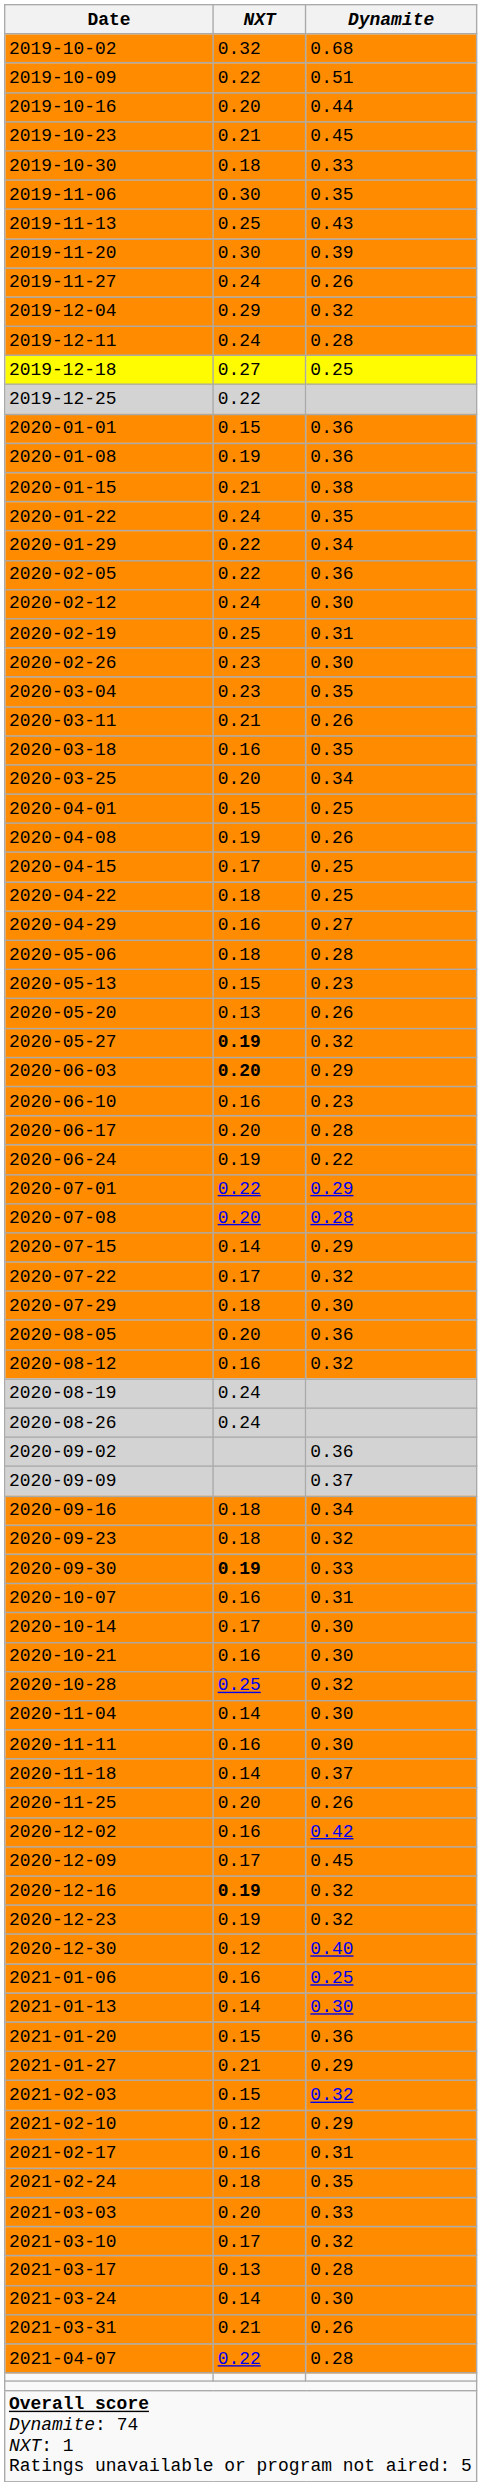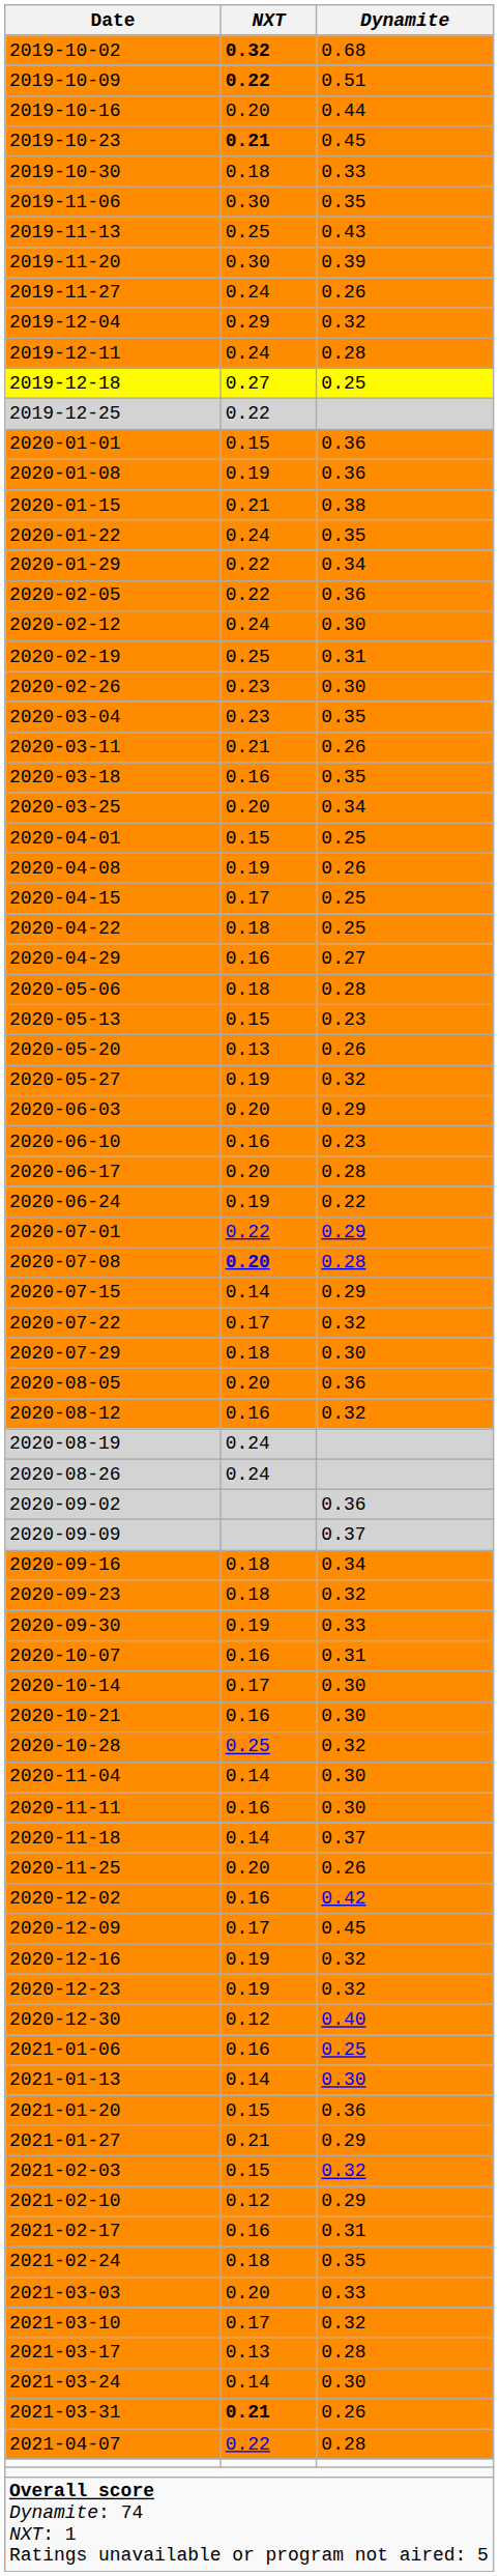 <table class="wikitable sortable mw-collapsible mw-collapsed" style="font-size: 100%;">
 <tr>
 <th>Date</th>
 <th><em>NXT</em></th>
 <th><em>Dynamite</em></th>
 </tr>
 <tr style="background:#FF8C00">
 <td>2019-10-02</td>
-<td>0.32</td>
+<td><strong>0.32</strong></td>
 <td>0.68</td>
 </tr>
 <tr style="background:#FF8C00">
 <td>2019-10-09</td>
-<td>0.22</td>
+<td><strong>0.22</strong></td>
 <td>0.51</td>
 </tr>
 <tr style="background:#FF8C00">
 <td>2019-10-16</td>
 <td>0.20</td>
 <td>0.44</td>
 </tr>
 <tr style="background:#FF8C00">
 <td>2019-10-23</td>
-<td>0.21</td>
+<td><strong>0.21</strong></td>
 <td>0.45</td>
 </tr>
 <tr style="background:#FF8C00">
 <td>2019-10-30</td>
 <td>0.18</td>
 <td>0.33</td>
 </tr>
 <tr style="background:#FF8C00">
 <td>2019-11-06</td>
 <td>0.30</td>
 <td>0.35</td>
 </tr>
 <tr style="background:#FF8C00">
 <td>2019-11-13</td>
 <td>0.25</td>
 <td>0.43</td>
 </tr>
 <tr style="background:#FF8C00">
 <td>2019-11-20</td>
 <td>0.30</td>
 <td>0.39</td>
 </tr>
 <tr style="background:#FF8C00">
 <td>2019-11-27</td>
 <td>0.24</td>
 <td>0.26</td>
 </tr>
 <tr style="background:#FF8C00">
 <td>2019-12-04</td>
 <td>0.29</td>
 <td>0.32</td>
 </tr>
 <tr style="background:#FF8C00">
 <td>2019-12-11</td>
 <td>0.24</td>
 <td>0.28</td>
 </tr>
 <tr style="background:#fffb00">
 <td>2019-12-18</td>
 <td>0.27</td>
 <td>0.25</td>
 </tr>
 <tr style="background:#D3D3D3">
 <td>2019-12-25</td>
 <td>0.22</td>
 <td></td>
 </tr>
 <tr style="background:#FF8C00">
 <td>2020-01-01</td>
 <td>0.15</td>
 <td>0.36</td>
 </tr>
 <tr style="background:#FF8C00">
 <td>2020-01-08</td>
 <td>0.19</td>
 <td>0.36</td>
 </tr>
 <tr style="background:#FF8C00">
 <td>2020-01-15</td>
 <td>0.21</td>
 <td>0.38</td>
 </tr>
 <tr style="background:#FF8C00">
 <td>2020-01-22</td>
 <td>0.24</td>
 <td>0.35</td>
 </tr>
 <tr style="background:#FF8C00">
 <td>2020-01-29</td>
 <td>0.22</td>
 <td>0.34</td>
 </tr>
 <tr style="background:#FF8C00">
 <td>2020-02-05</td>
 <td>0.22</td>
 <td>0.36</td>
 </tr>
 <tr style="background:#FF8C00">
 <td>2020-02-12</td>
 <td>0.24</td>
 <td>0.30</td>
 </tr>
 <tr style="background:#FF8C00">
 <td>2020-02-19</td>
 <td>0.25</td>
 <td>0.31</td>
 </tr>
 <tr style="background:#FF8C00">
 <td>2020-02-26</td>
 <td>0.23</td>
 <td>0.30</td>
 </tr>
 <tr style="background:#FF8C00">
 <td>2020-03-04</td>
 <td>0.23</td>
 <td>0.35</td>
 </tr>
 <tr style="background:#FF8C00">
 <td>2020-03-11</td>
 <td>0.21</td>
 <td>0.26</td>
 </tr>
 <tr style="background:#FF8C00">
 <td>2020-03-18</td>
 <td>0.16</td>
 <td>0.35</td>
 </tr>
 <tr style="background:#FF8C00">
 <td>2020-03-25</td>
 <td>0.20</td>
 <td>0.34</td>
 </tr>
 <tr style="background:#FF8C00">
 <td>2020-04-01</td>
 <td>0.15</td>
 <td>0.25</td>
 </tr>
 <tr style="background:#FF8C00">
 <td>2020-04-08</td>
 <td>0.19</td>
 <td>0.26</td>
 </tr>
 <tr style="background:#FF8C00">
 <td>2020-04-15</td>
 <td>0.17</td>
 <td>0.25</td>
 </tr>
 <tr style="background:#FF8C00">
 <td>2020-04-22</td>
 <td>0.18</td>
 <td>0.25</td>
 </tr>
 <tr style="background:#FF8C00">
 <td>2020-04-29</td>
 <td>0.16</td>
 <td>0.27</td>
 </tr>
 <tr style="background:#FF8C00">
 <td>2020-05-06</td>
 <td>0.18</td>
 <td>0.28</td>
 </tr>
 <tr style="background:#FF8C00">
 <td>2020-05-13</td>
 <td>0.15</td>
 <td>0.23</td>
 </tr>
 <tr style="background:#FF8C00">
 <td>2020-05-20</td>
 <td>0.13</td>
 <td>0.26</td>
 </tr>
 <tr style="background:#FF8C00">
 <td>2020-05-27</td>
-<td><strong>0.19</strong></td>
+<td>0.19</td>
 <td>0.32</td>
 </tr>
 <tr style="background:#FF8C00">
 <td>2020-06-03</td>
-<td><strong>0.20</strong></td>
+<td>0.20</td>
 <td>0.29</td>
 </tr>
 <tr style="background:#FF8C00">
 <td>2020-06-10</td>
 <td>0.16</td>
 <td>0.23</td>
 </tr>
 <tr style="background:#FF8C00">
 <td>2020-06-17</td>
 <td>0.20</td>
 <td>0.28</td>
 </tr>
 <tr style="background:#FF8C00">
 <td>2020-06-24</td>
 <td>0.19</td>
 <td>0.22</td>
 </tr>
 <tr style="background:#FF8C00">
 <td>2020-07-01</td>
 <td><a href='#'>0.22</a></td>
 <td><a href='#'>0.29</a></td>
 </tr>
 <tr style="background:#FF8C00">
 <td>2020-07-08</td>
-<td><a href='#'>0.20</a></td>
+<td><strong><a href='#'>0.20</a></strong></td>
 <td><a href='#'>0.28</a></td>
 </tr>
 <tr style="background:#FF8C00">
 <td>2020-07-15</td>
 <td>0.14</td>
 <td>0.29</td>
 </tr>
 <tr style="background:#FF8C00">
 <td>2020-07-22</td>
 <td>0.17</td>
 <td>0.32</td>
 </tr>
 <tr style="background:#FF8C00">
 <td>2020-07-29</td>
 <td>0.18</td>
 <td>0.30</td>
 </tr>
 <tr style="background:#FF8C00">
 <td>2020-08-05</td>
 <td>0.20</td>
 <td>0.36</td>
 </tr>
 <tr style="background:#FF8C00">
 <td>2020-08-12</td>
 <td>0.16</td>
 <td>0.32</td>
 </tr>
 <tr style="background:#D3D3D3">
 <td>2020-08-19</td>
 <td>0.24</td>
 <td></td>
 </tr>
 <tr style="background:#D3D3D3">
 <td>2020-08-26</td>
 <td>0.24</td>
 <td></td>
 </tr>
 <tr style="background:#D3D3D3">
 <td>2020-09-02</td>
 <td></td>
 <td>0.36</td>
 </tr>
 <tr style="background:#D3D3D3">
 <td>2020-09-09</td>
 <td></td>
 <td>0.37</td>
 </tr>
 <tr style="background:#FF8C00">
 <td>2020-09-16</td>
 <td>0.18</td>
 <td>0.34</td>
 </tr>
 <tr style="background:#FF8C00">
 <td>2020-09-23</td>
 <td>0.18</td>
 <td>0.32</td>
 </tr>
 <tr style="background:#FF8C00">
 <td>2020-09-30</td>
-<td><strong>0.19</strong></td>
+<td>0.19</td>
 <td>0.33</td>
 </tr>
 <tr style="background:#FF8C00">
 <td>2020-10-07</td>
 <td>0.16</td>
 <td>0.31</td>
 </tr>
 <tr style="background:#FF8C00">
 <td>2020-10-14</td>
 <td>0.17</td>
 <td>0.30</td>
 </tr>
 <tr style="background:#FF8C00">
 <td>2020-10-21</td>
 <td>0.16</td>
 <td>0.30</td>
 </tr>
 <tr style="background:#FF8C00">
 <td>2020-10-28</td>
 <td><a href='#'>0.25</a></td>
 <td>0.32</td>
 </tr>
 <tr style="background:#FF8C00">
 <td>2020-11-04</td>
 <td>0.14</td>
 <td>0.30</td>
 </tr>
 <tr style="background:#FF8C00">
 <td>2020-11-11</td>
 <td>0.16</td>
 <td>0.30</td>
 </tr>
 <tr style="background:#FF8C00">
 <td>2020-11-18</td>
 <td>0.14</td>
 <td>0.37</td>
 </tr>
 <tr style="background:#FF8C00">
 <td>2020-11-25</td>
 <td>0.20</td>
 <td>0.26</td>
 </tr>
 <tr style="background:#FF8C00">
 <td>2020-12-02</td>
 <td>0.16</td>
 <td><a href='#'>0.42</a></td>
 </tr>
 <tr style="background:#FF8C00">
 <td>2020-12-09</td>
 <td>0.17</td>
 <td>0.45</td>
 </tr>
 <tr style="background:#FF8C00">
 <td>2020-12-16</td>
-<td><strong>0.19</strong></td>
+<td>0.19</td>
 <td>0.32</td>
 </tr>
 <tr style="background:#FF8C00">
 <td>2020-12-23</td>
 <td>0.19</td>
 <td>0.32</td>
 </tr>
 <tr style="background:#FF8C00">
 <td>2020-12-30</td>
 <td>0.12</td>
 <td><a href='#'>0.40</a></td>
 </tr>
 <tr style="background:#FF8C00">
 <td>2021-01-06</td>
 <td>0.16</td>
 <td><a href='#'>0.25</a></td>
 </tr>
 <tr style="background:#FF8C00">
 <td>2021-01-13</td>
 <td>0.14</td>
 <td><a href='#'>0.30</a></td>
 </tr>
 <tr style="background:#FF8C00">
 <td>2021-01-20</td>
 <td>0.15</td>
 <td>0.36</td>
 </tr>
 <tr style="background:#FF8C00">
 <td>2021-01-27</td>
 <td>0.21</td>
 <td>0.29</td>
 </tr>
 <tr style="background:#FF8C00">
 <td>2021-02-03</td>
 <td>0.15</td>
 <td><a href='#'>0.32</a></td>
 </tr>
 <tr style="background:#FF8C00">
 <td>2021-02-10</td>
 <td>0.12</td>
 <td>0.29</td>
 </tr>
 <tr style="background:#FF8C00">
 <td>2021-02-17</td>
 <td>0.16</td>
 <td>0.31</td>
 </tr>
 <tr style="background:#FF8C00">
 <td>2021-02-24</td>
 <td>0.18</td>
 <td>0.35</td>
 </tr>
 <tr style="background:#FF8C00">
 <td>2021-03-03</td>
 <td>0.20</td>
 <td>0.33</td>
 </tr>
 <tr style="background:#FF8C00">
 <td>2021-03-10</td>
 <td>0.17</td>
 <td>0.32</td>
 </tr>
 <tr style="background:#FF8C00">
 <td>2021-03-17</td>
 <td>0.13</td>
 <td>0.28</td>
 </tr>
 <tr style="background:#FF8C00">
 <td>2021-03-24</td>
 <td>0.14</td>
 <td>0.30</td>
 </tr>
 <tr style="background:#FF8C00">
 <td>2021-03-31</td>
-<td>0.21</td>
+<td><strong>0.21</strong></td>
 <td>0.26</td>
 </tr>
 <tr style="background:#FF8C00">
 <td>2021-04-07</td>
 <td><a href='#'>0.22</a></td>
 <td>0.28</td>
 </tr>
 <tr>
 <td></td>
 <td></td>
 <td></td>
 </tr>
 <tr>
 <td colspan=3></td>
 </tr>
 <tr>
 <td colspan=3><strong><u>Overall score</u></strong><br><em>Dynamite</em>: 74<br><em>NXT</em>: 1<br>Ratings unavailable or program not aired: 5</td>
 </tr>
 </table>
